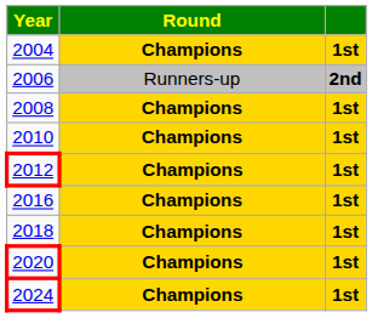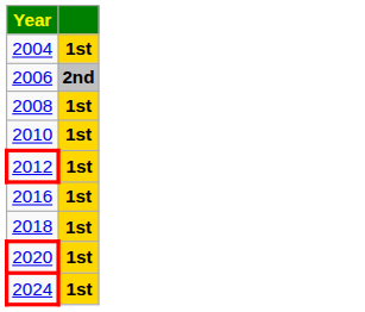 <table class="wikitable" style="text-align: center; font-size:90%">
 <tr style="color:yellow;">
 <th style="background:green;">Year</th>
-<th style="background:green; width:200px">Round</th>
 <th style="background:green;"></th>
 </tr>
 <tr>
 <td><a href='#'>2004</a></td>
-<td bgcolor=Gold><strong>Champions</strong></td>
 <td bgcolor=Gold><strong>1st</strong></td>
 </tr>
 <tr>
 <td><a href='#'>2006</a></td>
-<td bgcolor=Silver>Runners-up</td>
 <td bgcolor=Silver><strong>2nd</strong></td>
 </tr>
 <tr>
 <td><a href='#'>2008</a></td>
-<td bgcolor=Gold><strong>Champions</strong></td>
 <td bgcolor=Gold><strong>1st</strong></td>
 </tr>
 <tr>
 <td><a href='#'>2010</a></td>
-<td bgcolor=Gold><strong>Champions</strong></td>
 <td bgcolor=Gold><strong>1st</strong></td>
 </tr>
 <tr>
 <td style="border: 3px solid red"><a href='#'>2012</a></td>
-<td bgcolor=Gold><strong>Champions</strong></td>
 <td bgcolor=Gold><strong>1st</strong></td>
 </tr>
 <tr>
 <td><a href='#'>2016</a></td>
-<td bgcolor=Gold><strong>Champions</strong></td>
 <td bgcolor=Gold><strong>1st</strong></td>
 </tr>
 <tr>
 <td><a href='#'>2018</a></td>
-<td bgcolor=Gold><strong>Champions</strong></td>
 <td bgcolor=Gold><strong>1st</strong></td>
 </tr>
 <tr>
 <td style="border: 3px solid red"><a href='#'>2020</a></td>
-<td bgcolor=Gold><strong>Champions</strong></td>
 <td bgcolor=Gold><strong>1st</strong></td>
 </tr>
 <tr>
 <td style="border: 3px solid red"><a href='#'>2024</a></td>
-<td bgcolor=Gold><strong>Champions</strong></td>
 <td bgcolor=Gold><strong>1st</strong></td>
 </tr>
 </table>
